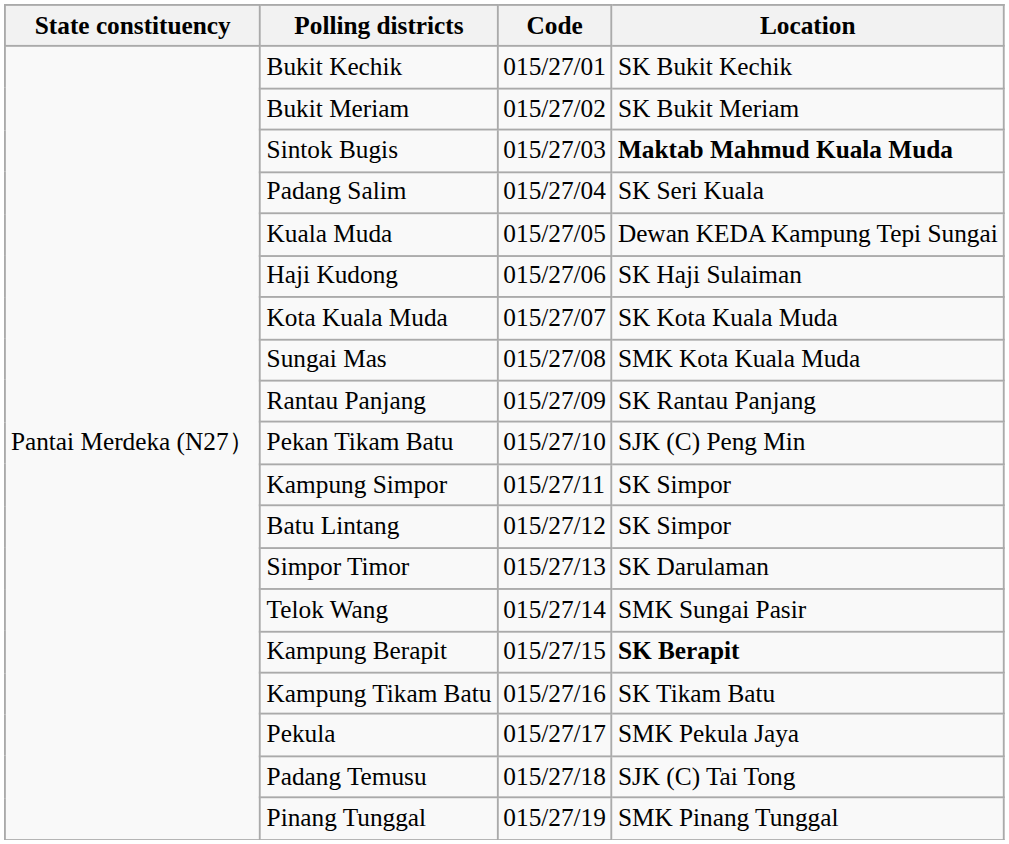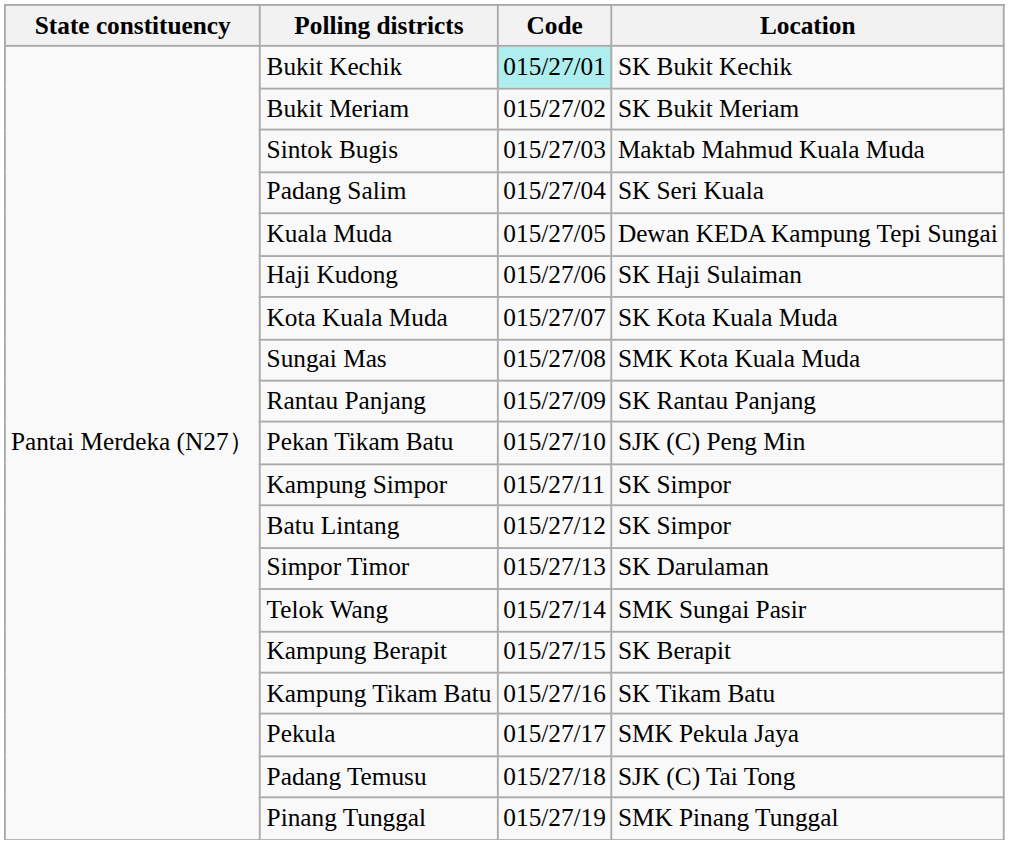 <table class="wikitable sortable mw-collapsible" style="white-space:nowrap;font-size:85%">
 <tr>
 <th>State constituency</th>
 <th>Polling districts</th>
 <th>Code</th>
 <th>Location</th>
 </tr>
 <tr>
 <td rowspan="19">Pantai Merdeka (N27）</td>
 <td>Bukit Kechik</td>
-<td>015/27/01</td>
+<td style="background: paleturquoise;">015/27/01</td>
 <td>SK Bukit Kechik</td>
 </tr>
 <tr>
 <td>Bukit Meriam</td>
 <td>015/27/02</td>
 <td>SK Bukit Meriam</td>
 </tr>
 <tr>
 <td>Sintok Bugis</td>
 <td>015/27/03</td>
-<td><strong>Maktab Mahmud Kuala Muda</strong></td>
+<td>Maktab Mahmud Kuala Muda</td>
 </tr>
 <tr>
 <td>Padang Salim</td>
 <td>015/27/04</td>
 <td>SK Seri Kuala</td>
 </tr>
 <tr>
 <td>Kuala Muda</td>
 <td>015/27/05</td>
 <td>Dewan KEDA Kampung Tepi Sungai</td>
 </tr>
 <tr>
 <td>Haji Kudong</td>
 <td>015/27/06</td>
 <td>SK Haji Sulaiman</td>
 </tr>
 <tr>
 <td>Kota Kuala Muda</td>
 <td>015/27/07</td>
 <td>SK Kota Kuala Muda</td>
 </tr>
 <tr>
 <td>Sungai Mas</td>
 <td>015/27/08</td>
 <td>SMK Kota Kuala Muda</td>
 </tr>
 <tr>
 <td>Rantau Panjang</td>
 <td>015/27/09</td>
 <td>SK Rantau Panjang</td>
 </tr>
 <tr>
 <td>Pekan Tikam Batu</td>
 <td>015/27/10</td>
 <td>SJK (C) Peng Min</td>
 </tr>
 <tr>
 <td>Kampung Simpor</td>
 <td>015/27/11</td>
 <td>SK Simpor</td>
 </tr>
 <tr>
 <td>Batu Lintang</td>
 <td>015/27/12</td>
 <td>SK Simpor</td>
 </tr>
 <tr>
 <td>Simpor Timor</td>
 <td>015/27/13</td>
 <td>SK Darulaman</td>
 </tr>
 <tr>
 <td>Telok Wang</td>
 <td>015/27/14</td>
 <td>SMK Sungai Pasir</td>
 </tr>
 <tr>
 <td>Kampung Berapit</td>
 <td>015/27/15</td>
-<td><strong>SK Berapit</strong></td>
+<td>SK Berapit</td>
 </tr>
 <tr>
 <td>Kampung Tikam Batu</td>
 <td>015/27/16</td>
 <td>SK Tikam Batu</td>
 </tr>
 <tr>
 <td>Pekula</td>
 <td>015/27/17</td>
 <td>SMK Pekula Jaya</td>
 </tr>
 <tr>
 <td>Padang Temusu</td>
 <td>015/27/18</td>
 <td>SJK (C) Tai Tong</td>
 </tr>
 <tr>
 <td>Pinang Tunggal</td>
 <td>015/27/19</td>
 <td>SMK Pinang Tunggal</td>
 </tr>
 </table>
